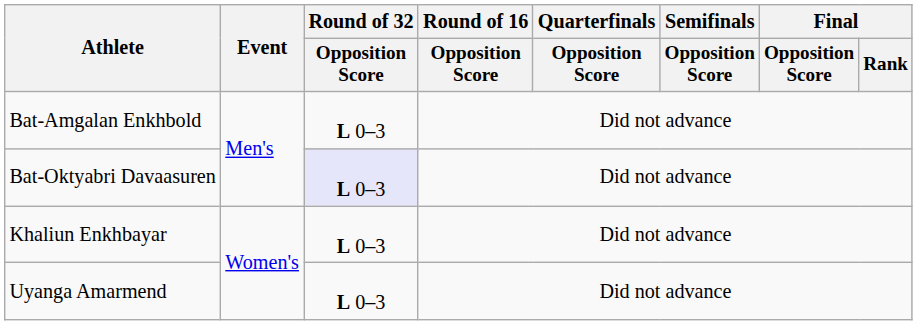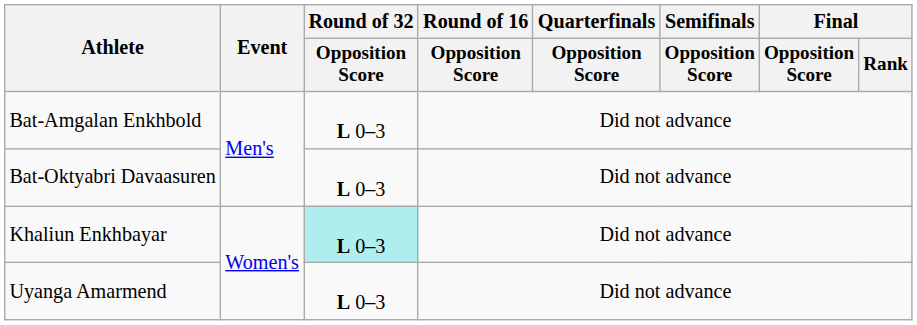 <table class=wikitable style="font-size:90%; text-align:center;">
 <tr>
 <th rowspan="2">Athlete</th>
 <th rowspan="2">Event</th>
 <th>Round of 32</th>
 <th>Round of 16</th>
 <th>Quarterfinals</th>
 <th>Semifinals</th>
 <th colspan=2>Final</th>
 </tr>
 <tr style="font-size:95%">
 <th>Opposition<br>Score</th>
 <th>Opposition<br>Score</th>
 <th>Opposition<br>Score</th>
 <th>Opposition<br>Score</th>
 <th>Opposition<br>Score</th>
 <th>Rank</th>
 </tr>
 <tr>
 <td align=left>Bat-Amgalan Enkhbold</td>
 <td align=left rowspan=2><a href='#'>Men's</a></td>
 <td><br><strong>L</strong> 0–3</td>
 <td colspan=5>Did not advance</td>
 </tr>
 <tr>
 <td align=left>Bat-Oktyabri Davaasuren</td>
-<td style="background: lavender;"><br><strong>L</strong> 0–3</td>
+<td><br><strong>L</strong> 0–3</td>
 <td colspan=5>Did not advance</td>
 </tr>
 <tr>
 <td align=left>Khaliun Enkhbayar</td>
 <td align=left rowspan=2><a href='#'>Women's</a></td>
-<td><br><strong>L</strong> 0–3</td>
+<td style="background: paleturquoise;"><br><strong>L</strong> 0–3</td>
 <td colspan=5>Did not advance</td>
 </tr>
 <tr>
 <td align=left>Uyanga Amarmend</td>
 <td><br><strong>L</strong> 0–3</td>
 <td colspan=5>Did not advance</td>
 </tr>
 </table>
